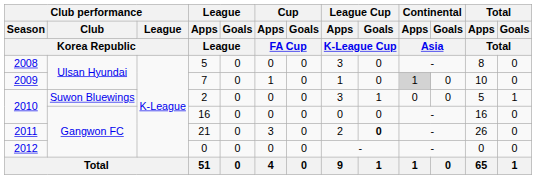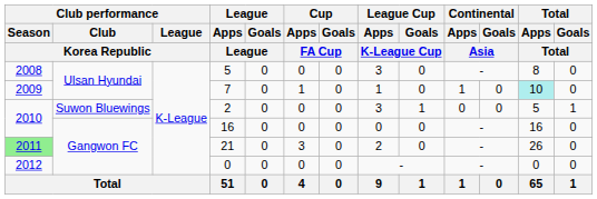 <table class="wikitable" style="text-align:center;">
 <tr>
 <th colspan=3>Club performance</th>
 <th colspan=2>League</th>
 <th colspan=2>Cup</th>
 <th colspan=2>League Cup</th>
 <th colspan=2>Continental</th>
 <th colspan=2>Total</th>
 </tr>
 <tr>
 <th>Season</th>
 <th>Club</th>
 <th>League</th>
 <th>Apps</th>
 <th>Goals</th>
 <th>Apps</th>
 <th>Goals</th>
 <th>Apps</th>
 <th>Goals</th>
 <th>Apps</th>
 <th>Goals</th>
 <th>Apps</th>
 <th>Goals</th>
 </tr>
 <tr>
 <th colspan=3>Korea Republic</th>
 <th colspan=2>League</th>
 <th colspan=2><a href='#'>FA Cup</a></th>
 <th colspan=2><a href='#'>K-League Cup</a></th>
 <th colspan=2><a href='#'>Asia</a></th>
 <th colspan=2>Total</th>
 </tr>
 <tr>
 <td><a href='#'>2008</a></td>
 <td rowspan=2><a href='#'>Ulsan Hyundai</a></td>
 <td rowspan=6><a href='#'>K-League</a></td>
 <td>5</td>
 <td>0</td>
 <td>0</td>
 <td>0</td>
 <td>3</td>
 <td>0</td>
 <td colspan=2>-</td>
 <td>8</td>
 <td>0</td>
 </tr>
 <tr>
 <td><a href='#'>2009</a></td>
 <td>7</td>
 <td>0</td>
 <td>1</td>
 <td>0</td>
 <td>1</td>
 <td>0</td>
-<td style="background: lightgrey;">1</td>
+<td>1</td>
 <td>0</td>
-<td>10</td>
+<td style="background: paleturquoise;">10</td>
 <td>0</td>
 </tr>
 <tr>
 <td rowspan=2><a href='#'>2010</a></td>
 <td rowspan=1><a href='#'>Suwon Bluewings</a></td>
 <td>2</td>
 <td>0</td>
 <td>0</td>
 <td>0</td>
 <td>3</td>
 <td>1</td>
 <td>0</td>
 <td>0</td>
 <td>5</td>
 <td>1</td>
 </tr>
 <tr>
 <td rowspan=3><a href='#'>Gangwon FC</a></td>
 <td>16</td>
 <td>0</td>
 <td>0</td>
 <td>0</td>
 <td>0</td>
 <td>0</td>
 <td colspan=2>-</td>
 <td>16</td>
 <td>0</td>
 </tr>
 <tr>
-<td><a href='#'>2011</a></td>
+<td style="background: lightgreen;"><a href='#'>2011</a></td>
 <td>21</td>
 <td>0</td>
 <td>3</td>
 <td>0</td>
 <td>2</td>
-<td><strong>0</strong></td>
+<td>0</td>
 <td colspan=2>-</td>
 <td>26</td>
 <td>0</td>
 </tr>
 <tr>
 <td><a href='#'>2012</a></td>
 <td>0</td>
 <td>0</td>
 <td>0</td>
 <td>0</td>
 <td colspan=2>-</td>
 <td colspan=2>-</td>
 <td>0</td>
 <td>0</td>
 </tr>
 <tr>
 <th colspan=3>Total</th>
 <th>51</th>
 <th>0</th>
 <th>4</th>
 <th>0</th>
 <th>9</th>
 <th>1</th>
 <th>1</th>
 <th>0</th>
 <th>65</th>
 <th>1</th>
 </tr>
 </table>
